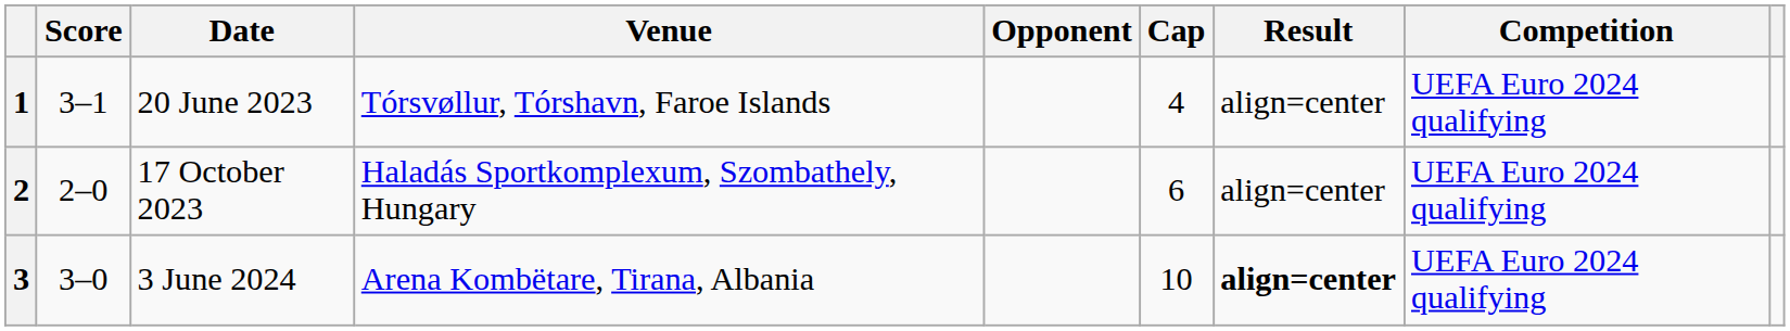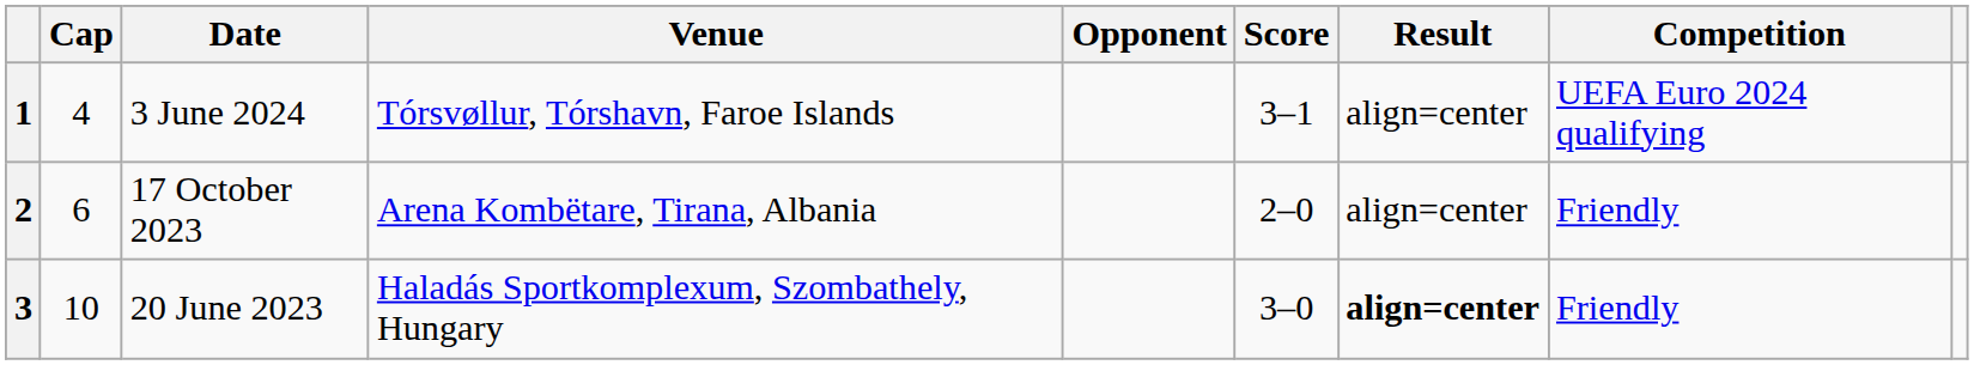 <table class="wikitable sortable">
 <tr>
 <th scope="col"></th>
-<th scope="col">Score</th>
+<th scope="col">Cap</th>
 <th scope="col">Date</th>
 <th scope="col">Venue</th>
 <th scope="col">Opponent</th>
-<th scope="col">Cap</th>
+<th scope="col">Score</th>
 <th scope="col">Result</th>
 <th scope="col">Competition</th>
 <th scope="col" class="unsortable"></th>
 </tr>
 <tr>
 <th scope="row">1</th>
-<td align=center>3–1</td>
-<td>20 June 2023</td>
+<td align=center>4</td>
+<td>3 June 2024</td>
 <td><a href='#'>Tórsvøllur</a>, <a href='#'>Tórshavn</a>, Faroe Islands</td>
 <td></td>
-<td align=center>4</td>
+<td align=center>3–1</td>
 <td>align=center </td>
 <td><a href='#'>UEFA Euro 2024 qualifying</a></td>
 <td></td>
 </tr>
 <tr>
 <th scope="row">2</th>
+<td align=center>6</td>
+<td>17 October 2023</td>
+<td><a href='#'>Arena Kombëtare</a>, <a href='#'>Tirana</a>, Albania</td>
+<td></td>
 <td align=center>2–0</td>
-<td>17 October 2023</td>
-<td><a href='#'>Haladás Sportkomplexum</a>, <a href='#'>Szombathely</a>, Hungary</td>
-<td></td>
-<td align=center>6</td>
 <td>align=center </td>
-<td><a href='#'>UEFA Euro 2024 qualifying</a></td>
+<td><a href='#'>Friendly</a></td>
 <td></td>
 </tr>
 <tr>
 <th scope="row">3</th>
+<td align=center>10</td>
+<td>20 June 2023</td>
+<td><a href='#'>Haladás Sportkomplexum</a>, <a href='#'>Szombathely</a>, Hungary</td>
+<td></td>
 <td align=center>3–0</td>
-<td>3 June 2024</td>
-<td><a href='#'>Arena Kombëtare</a>, <a href='#'>Tirana</a>, Albania</td>
-<td></td>
-<td align=center>10</td>
 <td><strong>align=center </strong></td>
-<td><a href='#'>UEFA Euro 2024 qualifying</a></td>
+<td><a href='#'>Friendly</a></td>
 <td></td>
 </tr>
 </table>
